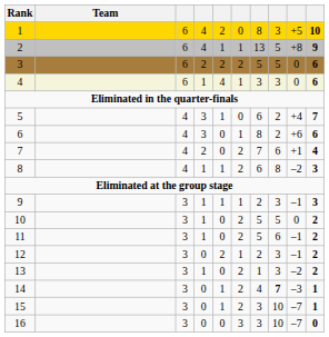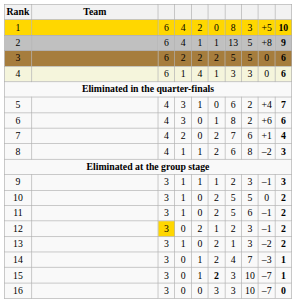 <table class="wikitable" style="text-align:center">
 <tr>
 <th width=20>Rank</th>
 <th width=200>Team</th>
 <th width="20"></th>
 <th width="20"></th>
 <th width="20"></th>
 <th width="20"></th>
 <th width="20"></th>
 <th width="20"></th>
 <th width="20"></th>
 <th width="20"></th>
 </tr>
 <tr style="background:gold;">
 <td>1</td>
 <td style="text-align:left;"></td>
 <td>6</td>
 <td>4</td>
 <td>2</td>
 <td>0</td>
 <td>8</td>
 <td>3</td>
 <td>+5</td>
 <td><strong>10</strong></td>
 </tr>
 <tr style="background:silver;">
 <td>2</td>
 <td style="text-align:left;"></td>
 <td>6</td>
 <td>4</td>
 <td>1</td>
 <td>1</td>
 <td>13</td>
 <td>5</td>
 <td>+8</td>
 <td><strong>9</strong></td>
 </tr>
 <tr style="background:#a67d3d;">
 <td>3</td>
 <td style="text-align:left;"></td>
 <td>6</td>
 <td>2</td>
 <td>2</td>
 <td>2</td>
 <td>5</td>
 <td>5</td>
 <td>0</td>
 <td><strong>6</strong></td>
 </tr>
 <tr style="background:beige;">
 <td>4</td>
 <td style="text-align:left;"></td>
 <td>6</td>
 <td>1</td>
 <td>4</td>
 <td>1</td>
 <td>3</td>
 <td>3</td>
 <td>0</td>
 <td><strong>6</strong></td>
 </tr>
 <tr>
 <td colspan="11"><strong>Eliminated in the quarter-finals</strong></td>
 </tr>
 <tr>
 <td>5</td>
 <td style="text-align:left;"></td>
 <td>4</td>
 <td>3</td>
 <td>1</td>
 <td>0</td>
 <td>6</td>
 <td>2</td>
 <td>+4</td>
 <td><strong>7</strong></td>
 </tr>
 <tr>
 <td>6</td>
 <td style="text-align:left;"></td>
 <td>4</td>
 <td>3</td>
 <td>0</td>
 <td>1</td>
 <td>8</td>
 <td>2</td>
 <td>+6</td>
 <td><strong>6</strong></td>
 </tr>
 <tr>
 <td>7</td>
 <td style="text-align:left;"></td>
 <td>4</td>
 <td>2</td>
 <td>0</td>
 <td>2</td>
 <td>7</td>
 <td>6</td>
 <td>+1</td>
 <td><strong>4</strong></td>
 </tr>
 <tr>
 <td>8</td>
 <td style="text-align:left;"></td>
 <td>4</td>
 <td>1</td>
 <td>1</td>
 <td>2</td>
 <td>6</td>
 <td>8</td>
 <td>–2</td>
 <td><strong>3</strong></td>
 </tr>
 <tr>
 <td colspan="11"><strong>Eliminated at the group stage</strong></td>
 </tr>
 <tr>
 <td>9</td>
 <td style="text-align:left;"></td>
 <td>3</td>
 <td>1</td>
 <td>1</td>
 <td>1</td>
 <td>2</td>
 <td>3</td>
 <td>–1</td>
 <td><strong>3</strong></td>
 </tr>
 <tr>
 <td>10</td>
 <td style="text-align:left;"></td>
 <td>3</td>
 <td>1</td>
 <td>0</td>
 <td>2</td>
 <td>5</td>
 <td>5</td>
 <td>0</td>
 <td><strong>2</strong></td>
 </tr>
 <tr>
 <td>11</td>
 <td style="text-align:left;"></td>
 <td>3</td>
 <td>1</td>
 <td>0</td>
 <td>2</td>
 <td>5</td>
 <td>6</td>
 <td>–1</td>
 <td><strong>2</strong></td>
 </tr>
 <tr>
 <td>12</td>
 <td style="text-align:left;"></td>
-<td>3</td>
+<td style="background: gold;">3</td>
 <td>0</td>
 <td>2</td>
 <td>1</td>
 <td>2</td>
 <td>3</td>
 <td>–1</td>
 <td><strong>2</strong></td>
 </tr>
 <tr>
 <td>13</td>
 <td style="text-align:left;"></td>
 <td>3</td>
 <td>1</td>
 <td>0</td>
 <td>2</td>
 <td>1</td>
 <td>3</td>
 <td>–2</td>
 <td><strong>2</strong></td>
 </tr>
 <tr>
 <td>14</td>
 <td style="text-align:left;"></td>
 <td>3</td>
 <td>0</td>
 <td>1</td>
 <td>2</td>
 <td>4</td>
-<td><strong>7</strong></td>
+<td>7</td>
 <td>–3</td>
 <td><strong>1</strong></td>
 </tr>
 <tr>
 <td>15</td>
 <td style="text-align:left;"></td>
 <td>3</td>
 <td>0</td>
 <td>1</td>
-<td>2</td>
+<td><strong>2</strong></td>
 <td>3</td>
 <td>10</td>
 <td>–7</td>
 <td><strong>1</strong></td>
 </tr>
 <tr>
 <td>16</td>
 <td style="text-align:left;"></td>
 <td>3</td>
 <td>0</td>
 <td>0</td>
 <td>3</td>
 <td>3</td>
 <td>10</td>
 <td>–7</td>
 <td><strong>0</strong></td>
 </tr>
 </table>
